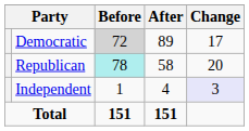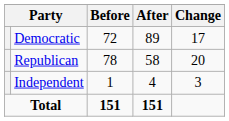 <table class="wikitable" style="text-align:center;">
 <tr>
 </tr>
 <tr>
 <th colspan=2>Party</th>
 <th>Before</th>
 <th>After</th>
 <th>Change</th>
 </tr>
 <tr>
 <th style="background-color:"></th>
 <td style="text-align:left;"><a href='#'>Democratic</a></td>
-<td style="background: lightgrey;">72</td>
+<td>72</td>
 <td>89</td>
 <td> 17</td>
 </tr>
 <tr>
 <th style="background-color:"></th>
 <td style="text-align:left;"><a href='#'>Republican</a></td>
-<td style="background: paleturquoise;">78</td>
+<td>78</td>
 <td>58</td>
 <td> 20</td>
 </tr>
 <tr>
 <th style="background-color:"></th>
 <td style="text-align:left;"><a href='#'>Independent</a></td>
 <td>1</td>
 <td>4</td>
-<td style="background: lavender;"> 3</td>
+<td> 3</td>
 </tr>
 <tr>
 <td colspan=2><strong>Total</strong></td>
 <td><strong>151</strong></td>
 <td><strong>151</strong></td>
 <td></td>
 </tr>
 </table>
